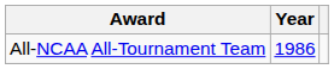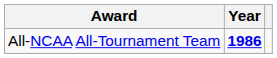 <table class="wikitable">
 <tr>
 <th>Award</th>
 <th>Year</th>
 <th></th>
 </tr>
 <tr>
 <td>All-<a href='#'>NCAA</a> <a href='#'>All-Tournament Team</a></td>
-<td><a href='#'>1986</a></td>
+<td><strong><a href='#'>1986</a></strong></td>
 <td></td>
 </tr>
 <tr>
 </tr>
 </table>
